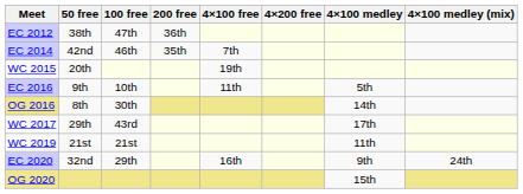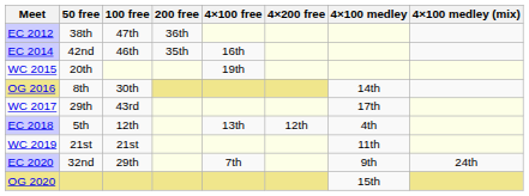 <table class="sortable wikitable">
 <tr>
 <th>Meet</th>
 <th class="unsortable">50 free</th>
 <th class="unsortable">100 free</th>
 <th class="unsortable">200 free</th>
 <th class="unsortable">4×100 free</th>
 <th class="unsortable">4×200 free</th>
 <th class="unsortable">4×100 medley</th>
 <th class="unsortable">4×100 medley (mix)</th>
 </tr>
 <tr>
 <td style="background:#ccccff"><a href='#'>EC 2012</a></td>
 <td align="center">38th</td>
 <td align="center">47th</td>
 <td align="center">36th</td>
 <td style="background:#fdffe7"></td>
 <td style="background:#fdffe7"></td>
 <td style="background:#fdffe7"></td>
 <td></td>
 </tr>
 <tr>
 <td style="background:#ccccff"><a href='#'>EC 2014</a></td>
 <td align="center">42nd</td>
 <td align="center">46th</td>
 <td align="center">35th</td>
-<td align="center">7th</td>
+<td align="center">16th</td>
 <td style="background:#fdffe7"></td>
 <td style="background:#fdffe7"></td>
 <td></td>
 </tr>
 <tr>
 <td><a href='#'>WC 2015</a></td>
 <td align="center">20th</td>
 <td style="background:#fdffe7"></td>
 <td style="background:#fdffe7"></td>
 <td align="center">19th</td>
 <td style="background:#fdffe7"></td>
 <td style="background:#fdffe7"></td>
 <td style="background:#fdffe7"></td>
-</tr>
-<tr>
-<td style="background:#ccccff"><a href='#'>EC 2016</a></td>
-<td align="center">9th</td>
-<td align="center">10th</td>
-<td style="background:#fdffe7"></td>
-<td align="center">11th</td>
-<td style="background:#fdffe7"></td>
-<td align="center">5th</td>
-<td></td>
 </tr>
 <tr>
 <td style="background:#f0e68c"><a href='#'>OG 2016</a></td>
 <td align="center">8th</td>
 <td align="center">30th</td>
 <td style="background:#f0e68c"></td>
 <td style="background:#f0e68c"></td>
 <td style="background:#f0e68c"></td>
 <td align="center">14th</td>
 <td></td>
 </tr>
 <tr>
 <td><a href='#'>WC 2017</a></td>
 <td align="center">29th</td>
 <td align="center">43rd</td>
 <td style="background:#fdffe7"></td>
 <td style="background:#fdffe7"></td>
 <td style="background:#fdffe7"></td>
 <td align="center">17th</td>
 <td style="background:#fdffe7"></td>
 </tr>
 <tr>
+<td style="background:#ccccff"><a href='#'>EC 2018</a></td>
+<td align="center">5th</td>
+<td align="center">12th</td>
+<td style="background:#fdffe7"></td>
+<td align="center">13th</td>
+<td align="center">12th</td>
+<td align="center">4th</td>
+<td style="background:#fdffe7"></td>
+</tr>
+<tr>
 <td><a href='#'>WC 2019</a></td>
 <td align="center">21st</td>
 <td align="center">21st</td>
 <td style="background:#fdffe7"></td>
 <td style="background:#fdffe7"></td>
 <td style="background:#fdffe7"></td>
 <td align="center">11th</td>
 <td style="background:#fdffe7"></td>
 </tr>
 <tr>
 <td style="background:#ccccff"><a href='#'>EC 2020</a></td>
 <td align="center">32nd</td>
 <td align="center">29th</td>
 <td style="background:#fdffe7"></td>
-<td align="center">16th</td>
+<td align="center">7th</td>
 <td style="background:#fdffe7"></td>
 <td align="center">9th</td>
 <td align="center">24th</td>
 </tr>
 <tr>
 <td style="background:#f0e68c"><a href='#'>OG 2020</a></td>
 <td style="background:#f0e68c"></td>
 <td style="background:#f0e68c"></td>
 <td style="background:#f0e68c"></td>
 <td style="background:#f0e68c"></td>
 <td style="background:#f0e68c"></td>
 <td align="center">15th</td>
 <td style="background:#f0e68c"></td>
 </tr>
 </table>
